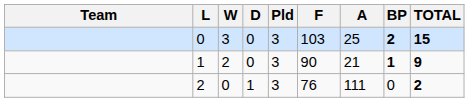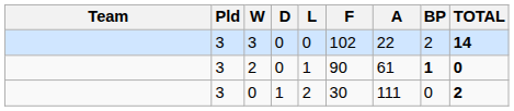 <table class="wikitable">
 <tr border=1 cellpadding=5 cellspacing=0>
 <th width="200">Team</th>
-<th width="20">L</th>
+<th width="20">Pld</th>
 <th width="20">W</th>
 <th width="20">D</th>
-<th width="20">Pld</th>
+<th width="20">L</th>
 <th width="40">F</th>
 <th width="40">A</th>
 <th width="20">BP</th>
 <th width="20">TOTAL</th>
 </tr>
 <tr style="background: #D0E6FF;">
 <td align=left></td>
-<td>0</td>
+<td>3</td>
 <td>3</td>
 <td>0</td>
-<td>3</td>
-<td>103</td>
-<td>25</td>
-<td><strong>2</strong></td>
-<td><strong>15</strong></td>
+<td>0</td>
+<td>102</td>
+<td>22</td>
+<td>2</td>
+<td><strong>14</strong></td>
 </tr>
 <tr>
 <td align=left></td>
-<td>1</td>
+<td>3</td>
 <td>2</td>
 <td>0</td>
-<td>3</td>
+<td>1</td>
 <td>90</td>
-<td>21</td>
+<td>61</td>
 <td><strong>1</strong></td>
-<td><strong>9</strong></td>
+<td><strong>0</strong></td>
 </tr>
 <tr>
 <td align=left></td>
-<td>2</td>
+<td>3</td>
 <td>0</td>
 <td>1</td>
-<td>3</td>
-<td>76</td>
+<td>2</td>
+<td>30</td>
 <td>111</td>
 <td>0</td>
 <td><strong>2</strong></td>
 </tr>
 </table>
